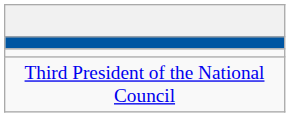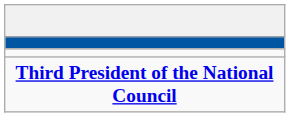 <table class="wikitable" style="font-size:90%; text-align:center;">
 <tr>
 <td style="background:#f1f1f1;" colspan="30"><br></td>
 </tr>
 <tr>
 <th style="width:3em; font-size:135%; background:#0056A2 ; width:200px;"><a href='#'></a></th>
 </tr>
 <tr>
 <td></td>
 </tr>
 <tr>
-<td><a href='#'>Third President of the National Council</a><br></td>
+<td><strong><a href='#'>Third President of the National Council</a><br></strong></td>
 </tr>
 </table>
